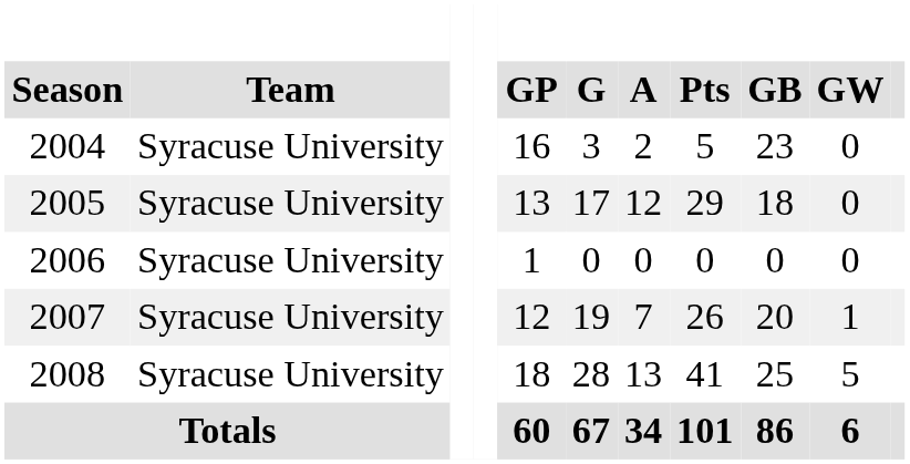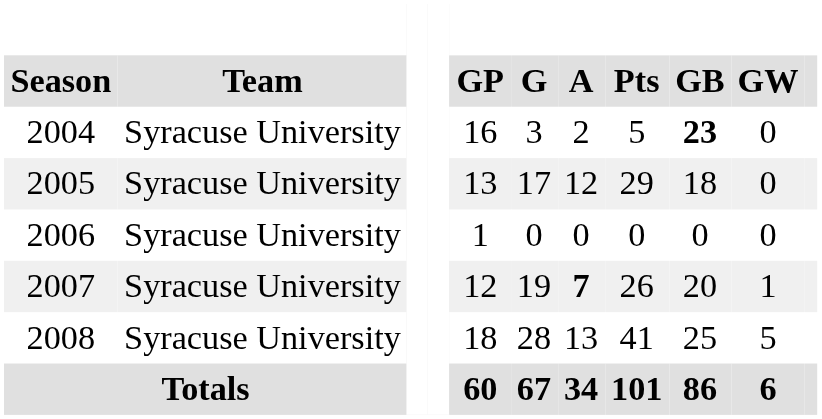 <table BORDER="0" CELLPADDING="3" CELLSPACING="0">
 <tr ALIGN="center" bgcolor="#e0e0e0">
 <th colspan="2" bgcolor="#ffffff"> </th>
 <th rowspan="99" bgcolor="#ffffff"> </th>
 <th rowspan="99" bgcolor="#ffffff"> </th>
 </tr>
 <tr ALIGN="center" bgcolor="#e0e0e0">
 <th>Season</th>
 <th>Team</th>
 <th>GP</th>
 <th>G</th>
 <th>A</th>
 <th>Pts</th>
 <th>GB</th>
 <th>GW</th>
 <th></th>
 </tr>
 <tr ALIGN="center">
 <td>2004</td>
 <td>Syracuse University</td>
 <td>16</td>
 <td>3</td>
 <td>2</td>
 <td>5</td>
-<td>23</td>
+<td><strong>23</strong></td>
 <td>0</td>
 <td></td>
 </tr>
 <tr ALIGN="center" bgcolor="#f0f0f0">
 <td>2005</td>
 <td>Syracuse University</td>
 <td>13</td>
 <td>17</td>
 <td>12</td>
 <td>29</td>
 <td>18</td>
 <td>0</td>
 <td></td>
 </tr>
 <tr ALIGN="center">
 <td>2006</td>
 <td>Syracuse University</td>
 <td>1</td>
 <td>0</td>
 <td>0</td>
 <td>0</td>
 <td>0</td>
 <td>0</td>
 <td></td>
 </tr>
 <tr ALIGN="center" bgcolor="#f0f0f0">
 <td>2007</td>
 <td>Syracuse University</td>
 <td>12</td>
 <td>19</td>
-<td>7</td>
+<td><strong>7</strong></td>
 <td>26</td>
 <td>20</td>
 <td>1</td>
 <td></td>
 </tr>
 <tr ALIGN="center">
 <td>2008</td>
 <td>Syracuse University</td>
 <td>18</td>
 <td>28</td>
 <td>13</td>
 <td>41</td>
 <td>25</td>
 <td>5</td>
 <td></td>
 </tr>
 <tr ALIGN="center" bgcolor="#e0e0e0">
 <th colspan="2">Totals</th>
 <th>60</th>
 <th>67</th>
 <th>34</th>
 <th>101</th>
 <th>86</th>
 <th>6</th>
 <th></th>
 </tr>
 </table>
